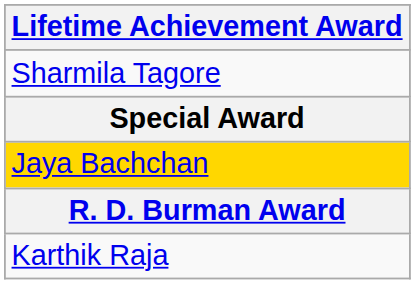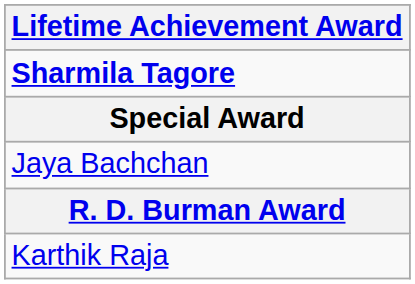 <table class="wikitable">
 <tr>
 <th colspan="2"><a href='#'>Lifetime Achievement Award</a></th>
 </tr>
 <tr>
-<td><a href='#'>Sharmila Tagore</a></td>
+<td><strong><a href='#'>Sharmila Tagore</a></strong></td>
 </tr>
 <tr>
 <th colspan="2">Special Award</th>
 </tr>
 <tr>
-<td style="background: gold;"><a href='#'>Jaya Bachchan</a></td>
+<td><a href='#'>Jaya Bachchan</a></td>
 </tr>
 <tr>
 <th colspan="2"><a href='#'>R. D. Burman Award</a></th>
 </tr>
 <tr>
 <td colspan="2"><a href='#'>Karthik Raja</a></td>
 </tr>
 </table>
